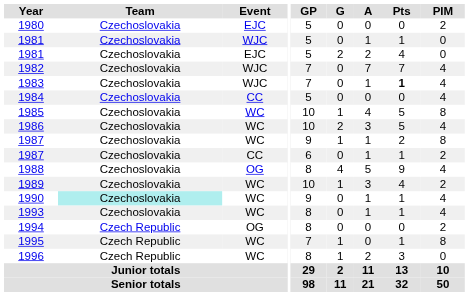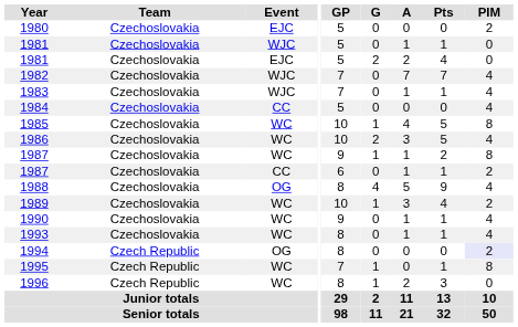 <table border="0" cellpadding="1" cellspacing="0" ID="Table3" style="text-align:center; width:40em">
 <tr ALIGN="center" bgcolor="#e0e0e0">
 <th>Year</th>
 <th>Team</th>
 <th>Event</th>
 <th rowspan="99" bgcolor="#ffffff"></th>
 <th>GP</th>
 <th>G</th>
 <th>A</th>
 <th>Pts</th>
 <th>PIM</th>
 </tr>
 <tr>
 <td><a href='#'>1980</a></td>
 <td><a href='#'>Czechoslovakia</a></td>
 <td><a href='#'>EJC</a></td>
 <td>5</td>
 <td>0</td>
 <td>0</td>
 <td>0</td>
 <td>2</td>
 </tr>
 <tr bgcolor="#f0f0f0">
 <td><a href='#'>1981</a></td>
 <td><a href='#'>Czechoslovakia</a></td>
 <td><a href='#'>WJC</a></td>
 <td>5</td>
 <td>0</td>
 <td>1</td>
 <td>1</td>
 <td>0</td>
 </tr>
 <tr>
 <td><a href='#'>1981</a></td>
 <td>Czechoslovakia</td>
 <td>EJC</td>
 <td>5</td>
 <td>2</td>
 <td>2</td>
 <td>4</td>
 <td>0</td>
 </tr>
 <tr bgcolor="#f0f0f0">
 <td><a href='#'>1982</a></td>
 <td>Czechoslovakia</td>
 <td>WJC</td>
 <td>7</td>
 <td>0</td>
 <td>7</td>
 <td>7</td>
 <td>4</td>
 </tr>
 <tr>
 <td><a href='#'>1983</a></td>
 <td>Czechoslovakia</td>
 <td>WJC</td>
 <td>7</td>
 <td>0</td>
 <td>1</td>
-<td><strong>1</strong></td>
+<td>1</td>
 <td>4</td>
 </tr>
 <tr bgcolor="#f0f0f0">
 <td><a href='#'>1984</a></td>
 <td><a href='#'>Czechoslovakia</a></td>
 <td><a href='#'>CC</a></td>
 <td>5</td>
 <td>0</td>
 <td>0</td>
 <td>0</td>
 <td>4</td>
 </tr>
 <tr>
 <td><a href='#'>1985</a></td>
 <td>Czechoslovakia</td>
 <td><a href='#'>WC</a></td>
 <td>10</td>
 <td>1</td>
 <td>4</td>
 <td>5</td>
 <td>8</td>
 </tr>
 <tr bgcolor="#f0f0f0">
 <td><a href='#'>1986</a></td>
 <td>Czechoslovakia</td>
 <td>WC</td>
 <td>10</td>
 <td>2</td>
 <td>3</td>
 <td>5</td>
 <td>4</td>
 </tr>
 <tr>
 <td><a href='#'>1987</a></td>
 <td>Czechoslovakia</td>
 <td>WC</td>
 <td>9</td>
 <td>1</td>
 <td>1</td>
 <td>2</td>
 <td>8</td>
 </tr>
 <tr bgcolor="#f0f0f0">
 <td><a href='#'>1987</a></td>
 <td>Czechoslovakia</td>
 <td>CC</td>
 <td>6</td>
 <td>0</td>
 <td>1</td>
 <td>1</td>
 <td>2</td>
 </tr>
 <tr>
 <td><a href='#'>1988</a></td>
 <td>Czechoslovakia</td>
 <td><a href='#'>OG</a></td>
 <td>8</td>
 <td>4</td>
 <td>5</td>
 <td>9</td>
 <td>4</td>
 </tr>
 <tr bgcolor="#f0f0f0">
 <td><a href='#'>1989</a></td>
 <td>Czechoslovakia</td>
 <td>WC</td>
 <td>10</td>
 <td>1</td>
 <td>3</td>
 <td>4</td>
 <td>2</td>
 </tr>
 <tr>
 <td><a href='#'>1990</a></td>
-<td style="background: paleturquoise;">Czechoslovakia</td>
+<td>Czechoslovakia</td>
 <td>WC</td>
 <td>9</td>
 <td>0</td>
 <td>1</td>
 <td>1</td>
 <td>4</td>
 </tr>
 <tr bgcolor="#f0f0f0">
 <td><a href='#'>1993</a></td>
 <td>Czechoslovakia</td>
 <td>WC</td>
 <td>8</td>
 <td>0</td>
 <td>1</td>
 <td>1</td>
 <td>4</td>
 </tr>
 <tr>
 <td><a href='#'>1994</a></td>
 <td><a href='#'>Czech Republic</a></td>
 <td>OG</td>
 <td>8</td>
 <td>0</td>
 <td>0</td>
 <td>0</td>
-<td>2</td>
+<td style="background: lavender;">2</td>
 </tr>
 <tr bgcolor="#f0f0f0">
 <td><a href='#'>1995</a></td>
 <td>Czech Republic</td>
 <td>WC</td>
 <td>7</td>
 <td>1</td>
 <td>0</td>
 <td>1</td>
 <td>8</td>
 </tr>
 <tr>
 <td><a href='#'>1996</a></td>
 <td>Czech Republic</td>
 <td>WC</td>
 <td>8</td>
 <td>1</td>
 <td>2</td>
 <td>3</td>
 <td>0</td>
 </tr>
 <tr bgcolor="#e0e0e0">
 <th colspan=3>Junior totals</th>
 <th>29</th>
 <th>2</th>
 <th>11</th>
 <th>13</th>
 <th>10</th>
 </tr>
 <tr bgcolor="#e0e0e0">
 <th colspan=3>Senior totals</th>
 <th>98</th>
 <th>11</th>
 <th>21</th>
 <th>32</th>
 <th>50</th>
 </tr>
 </table>
